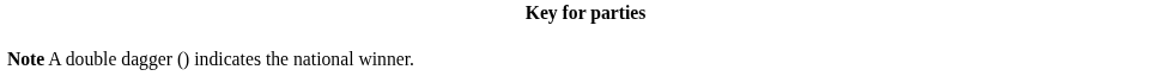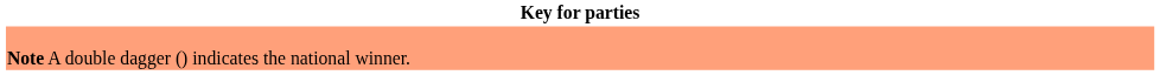 <table class="toccolours" style="width:62em">
 <tr>
 <th>Key for parties</th>
 </tr>
 <tr>
-<td><br>                <strong>Note</strong>  A double dagger () indicates the national winner.</td>
+<td style="background: lightsalmon;"><br>                <strong>Note</strong>  A double dagger () indicates the national winner.</td>
 </tr>
 </table>
